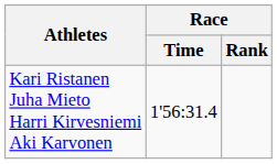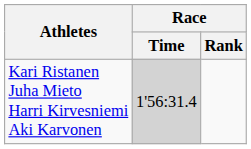 <table class="wikitable" border="1" style="font-size:90%">
 <tr>
 <th rowspan=2>Athletes</th>
 <th colspan=2>Race</th>
 </tr>
 <tr>
 <th>Time</th>
 <th>Rank</th>
 </tr>
 <tr>
 <td><a href='#'>Kari Ristanen</a><br><a href='#'>Juha Mieto</a><br><a href='#'>Harri Kirvesniemi</a><br><a href='#'>Aki Karvonen</a></td>
-<td align=center>1'56:31.4</td>
+<td align=center style="background: lightgrey;">1'56:31.4</td>
 <td align=center></td>
 </tr>
 </table>
